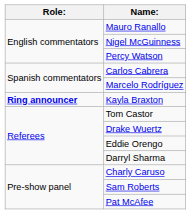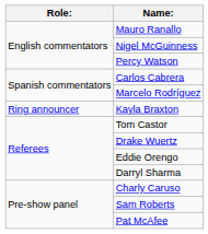 <table class=wikitable style="font-size:90%; margin: 0.5em 0 0.5em 1em; float: right; clear: right;">
 <tr>
 <th>Role:</th>
 <th>Name:</th>
 </tr>
 <tr>
 <td rowspan=3>English commentators</td>
 <td><a href='#'>Mauro Ranallo</a></td>
 </tr>
 <tr>
 <td><a href='#'>Nigel McGuinness</a></td>
 </tr>
 <tr>
 <td><a href='#'>Percy Watson</a></td>
 </tr>
 <tr>
 <td rowspan=2>Spanish commentators</td>
 <td><a href='#'>Carlos Cabrera</a></td>
 </tr>
 <tr>
 <td><a href='#'>Marcelo Rodríguez</a></td>
 </tr>
 <tr>
-<td rowspan=1><strong><a href='#'>Ring announcer</a></strong></td>
+<td rowspan=1><a href='#'>Ring announcer</a></td>
 <td><a href='#'>Kayla Braxton</a></td>
 </tr>
 <tr>
 <td rowspan=4><a href='#'>Referees</a></td>
 <td>Tom Castor</td>
 </tr>
 <tr>
 <td><a href='#'>Drake Wuertz</a></td>
 </tr>
 <tr>
 <td>Eddie Orengo</td>
 </tr>
 <tr>
 <td>Darryl Sharma</td>
 </tr>
 <tr>
 <td rowspan=3>Pre-show panel</td>
 <td><a href='#'>Charly Caruso</a></td>
 </tr>
 <tr>
 <td><a href='#'>Sam Roberts</a></td>
 </tr>
 <tr>
 <td><a href='#'>Pat McAfee</a></td>
 </tr>
 </table>
